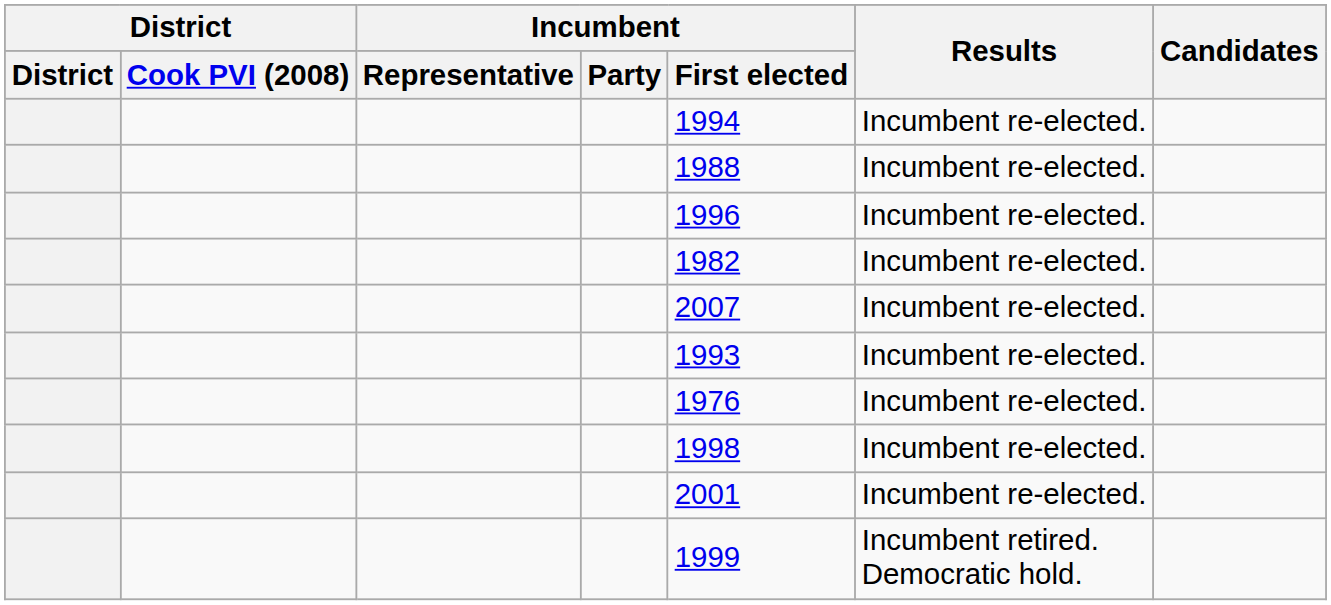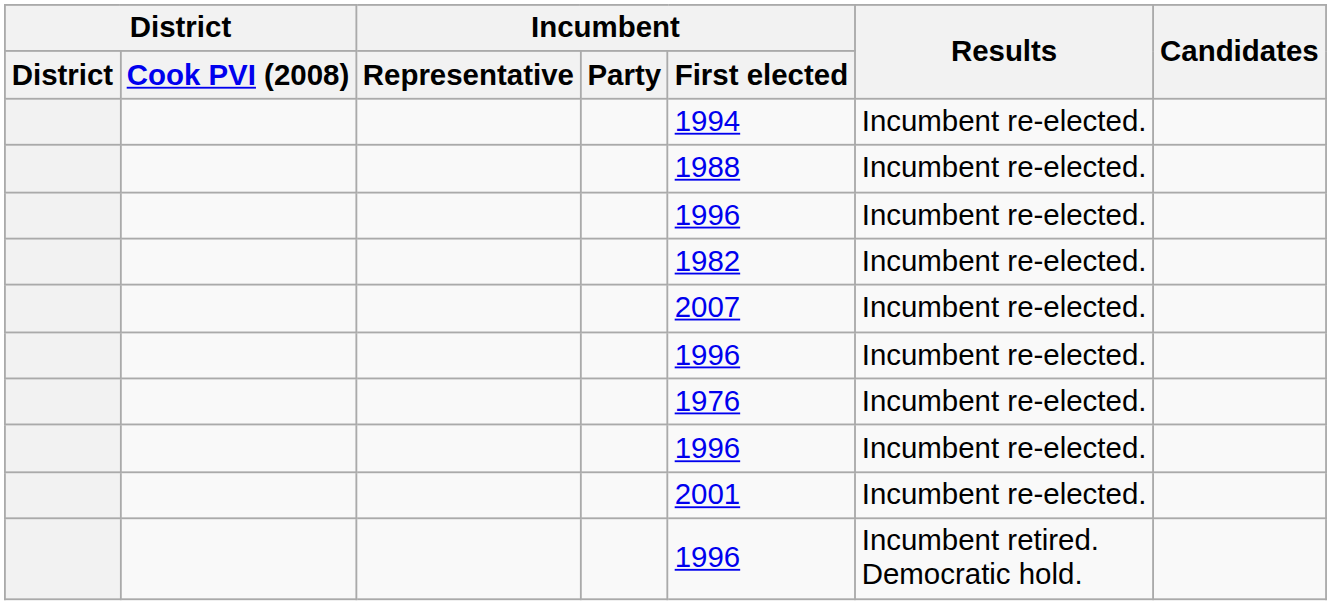 <table class="wikitable sortable">
 <tr>
 <th colspan=2>District</th>
 <th colspan=3>Incumbent</th>
 <th rowspan=2>Results</th>
 <th rowspan=2>Candidates</th>
 </tr>
 <tr valign=bottom>
 <th>District</th>
 <th><a href='#'>Cook PVI</a> (2008)</th>
 <th>Representative</th>
 <th>Party</th>
 <th>First elected</th>
 </tr>
 <tr>
 <th></th>
 <td></td>
 <td></td>
 <td></td>
 <td><a href='#'>1994</a></td>
 <td>Incumbent re-elected.</td>
 <td nowrap></td>
 </tr>
 <tr>
 <th></th>
 <td></td>
 <td></td>
 <td></td>
 <td><a href='#'>1988</a></td>
 <td>Incumbent re-elected.</td>
 <td nowrap></td>
 </tr>
 <tr>
 <th></th>
 <td></td>
 <td></td>
 <td></td>
 <td><a href='#'>1996</a></td>
 <td>Incumbent re-elected.</td>
 <td nowrap></td>
 </tr>
 <tr>
 <th></th>
 <td></td>
 <td></td>
 <td></td>
 <td><a href='#'>1982</a></td>
 <td>Incumbent re-elected.</td>
 <td nowrap></td>
 </tr>
 <tr>
 <th></th>
 <td></td>
 <td></td>
 <td></td>
 <td><a href='#'>2007 </a></td>
 <td>Incumbent re-elected.</td>
 <td nowrap></td>
 </tr>
 <tr>
 <th></th>
 <td></td>
 <td></td>
 <td></td>
-<td><a href='#'>1993</a></td>
+<td><a href='#'>1996</a></td>
 <td>Incumbent re-elected.</td>
 <td nowrap></td>
 </tr>
 <tr>
 <th></th>
 <td></td>
 <td></td>
 <td></td>
 <td><a href='#'>1976</a></td>
 <td>Incumbent re-elected.</td>
 <td nowrap></td>
 </tr>
 <tr>
 <th></th>
 <td></td>
 <td></td>
 <td></td>
-<td><a href='#'>1998</a></td>
+<td><a href='#'>1996</a></td>
 <td>Incumbent re-elected.</td>
 <td nowrap></td>
 </tr>
 <tr>
 <th></th>
 <td></td>
 <td></td>
 <td></td>
 <td><a href='#'>2001 </a></td>
 <td>Incumbent re-elected.</td>
 <td nowrap></td>
 </tr>
 <tr>
 <th></th>
 <td></td>
 <td></td>
 <td></td>
-<td><a href='#'>1999</a></td>
+<td><a href='#'>1996</a></td>
 <td>Incumbent retired.<br>Democratic hold.</td>
 <td nowrap></td>
 </tr>
 </table>
